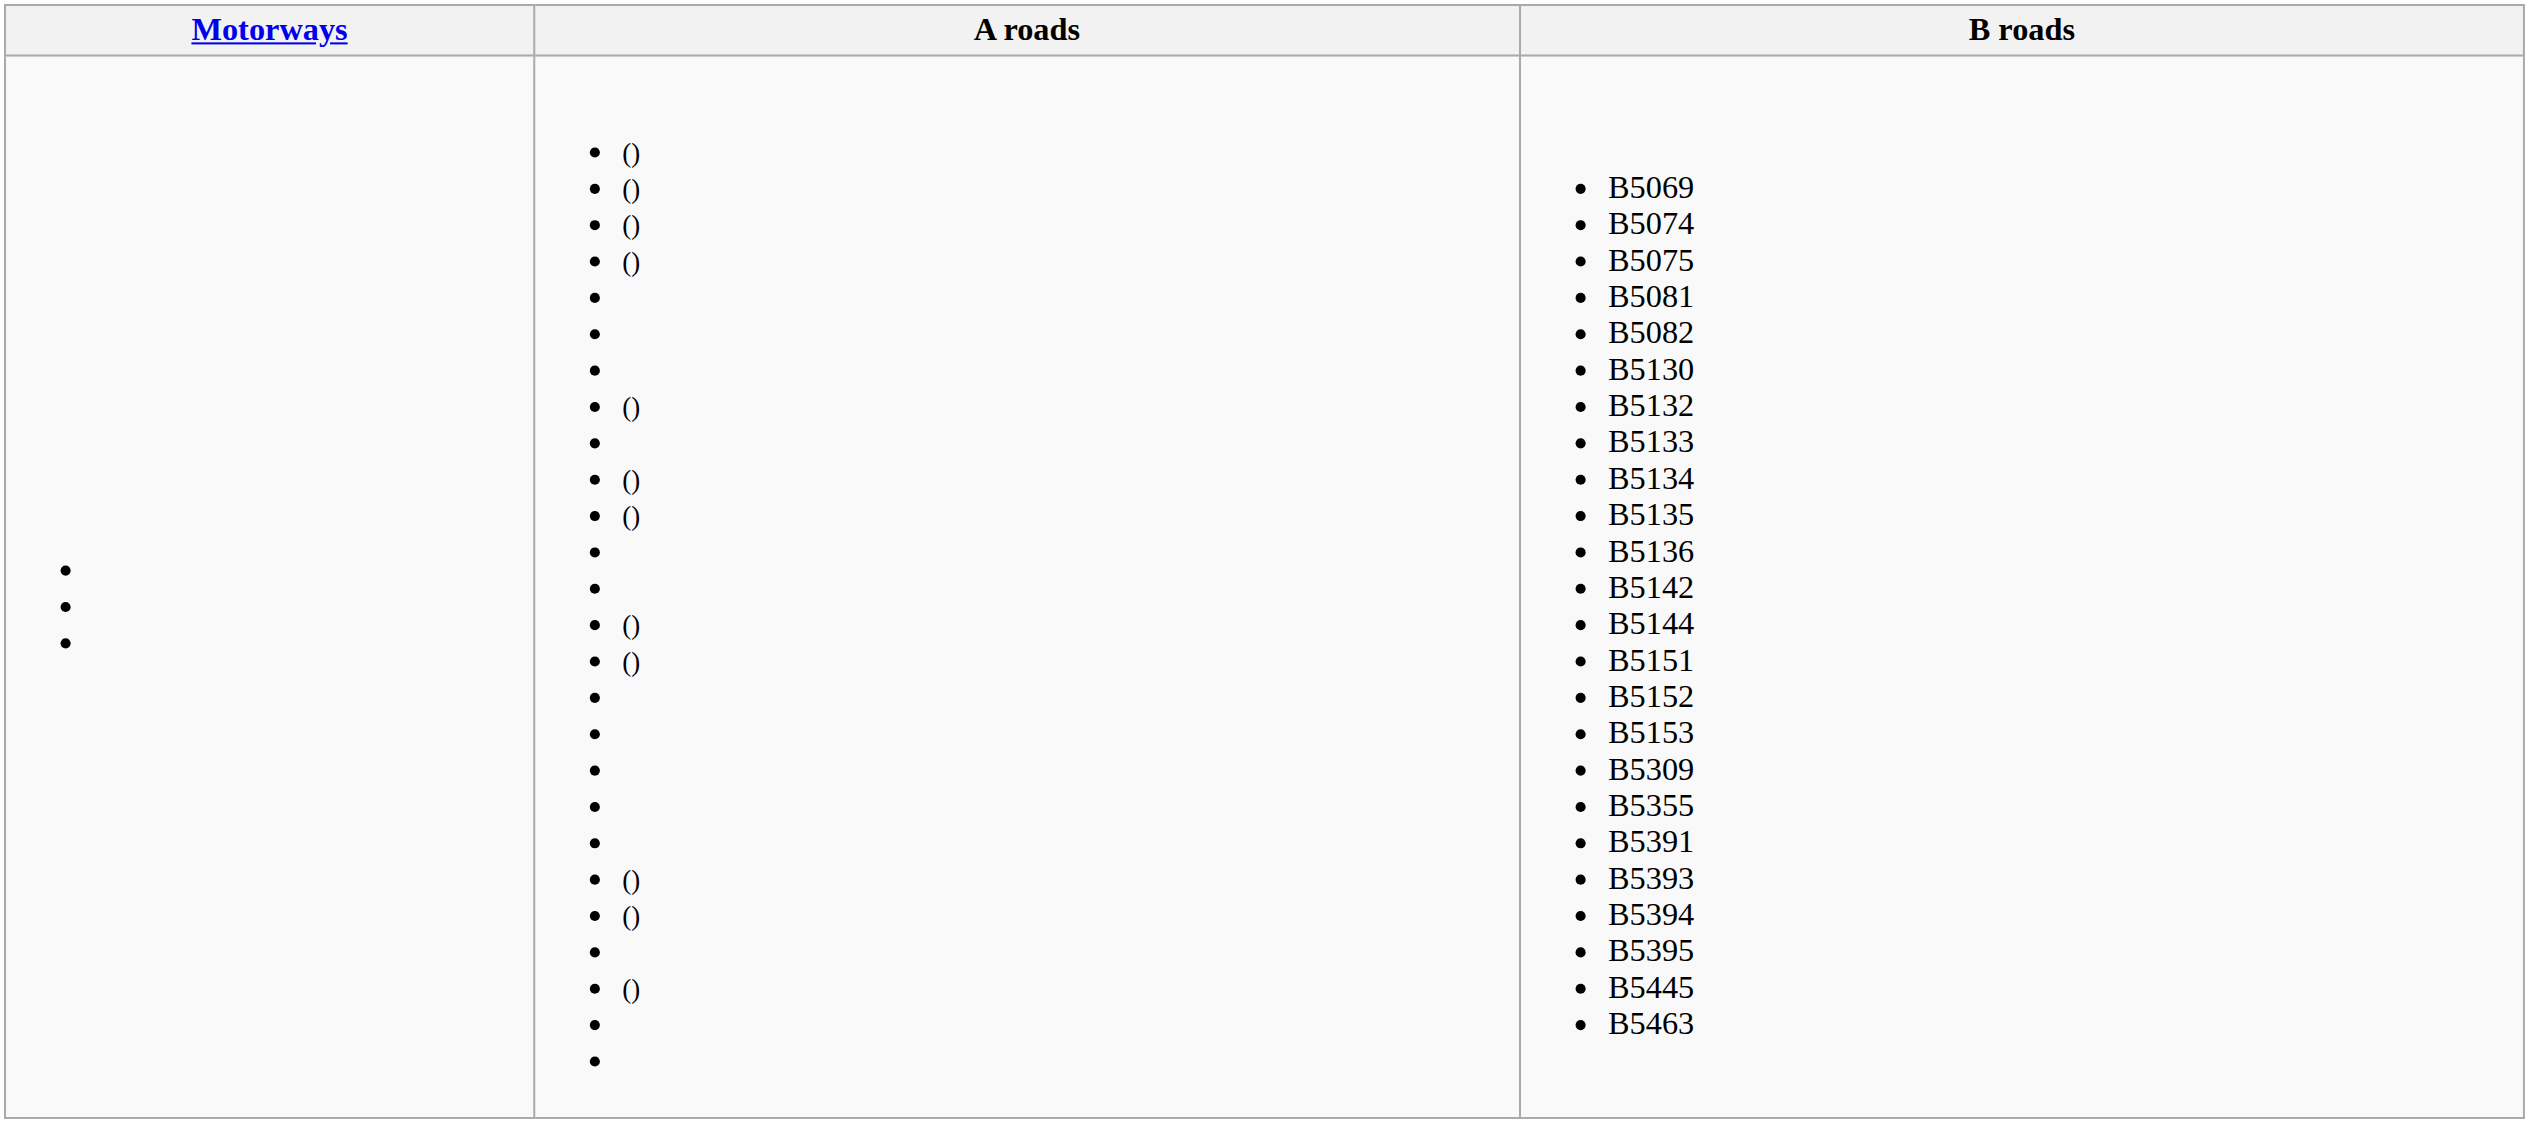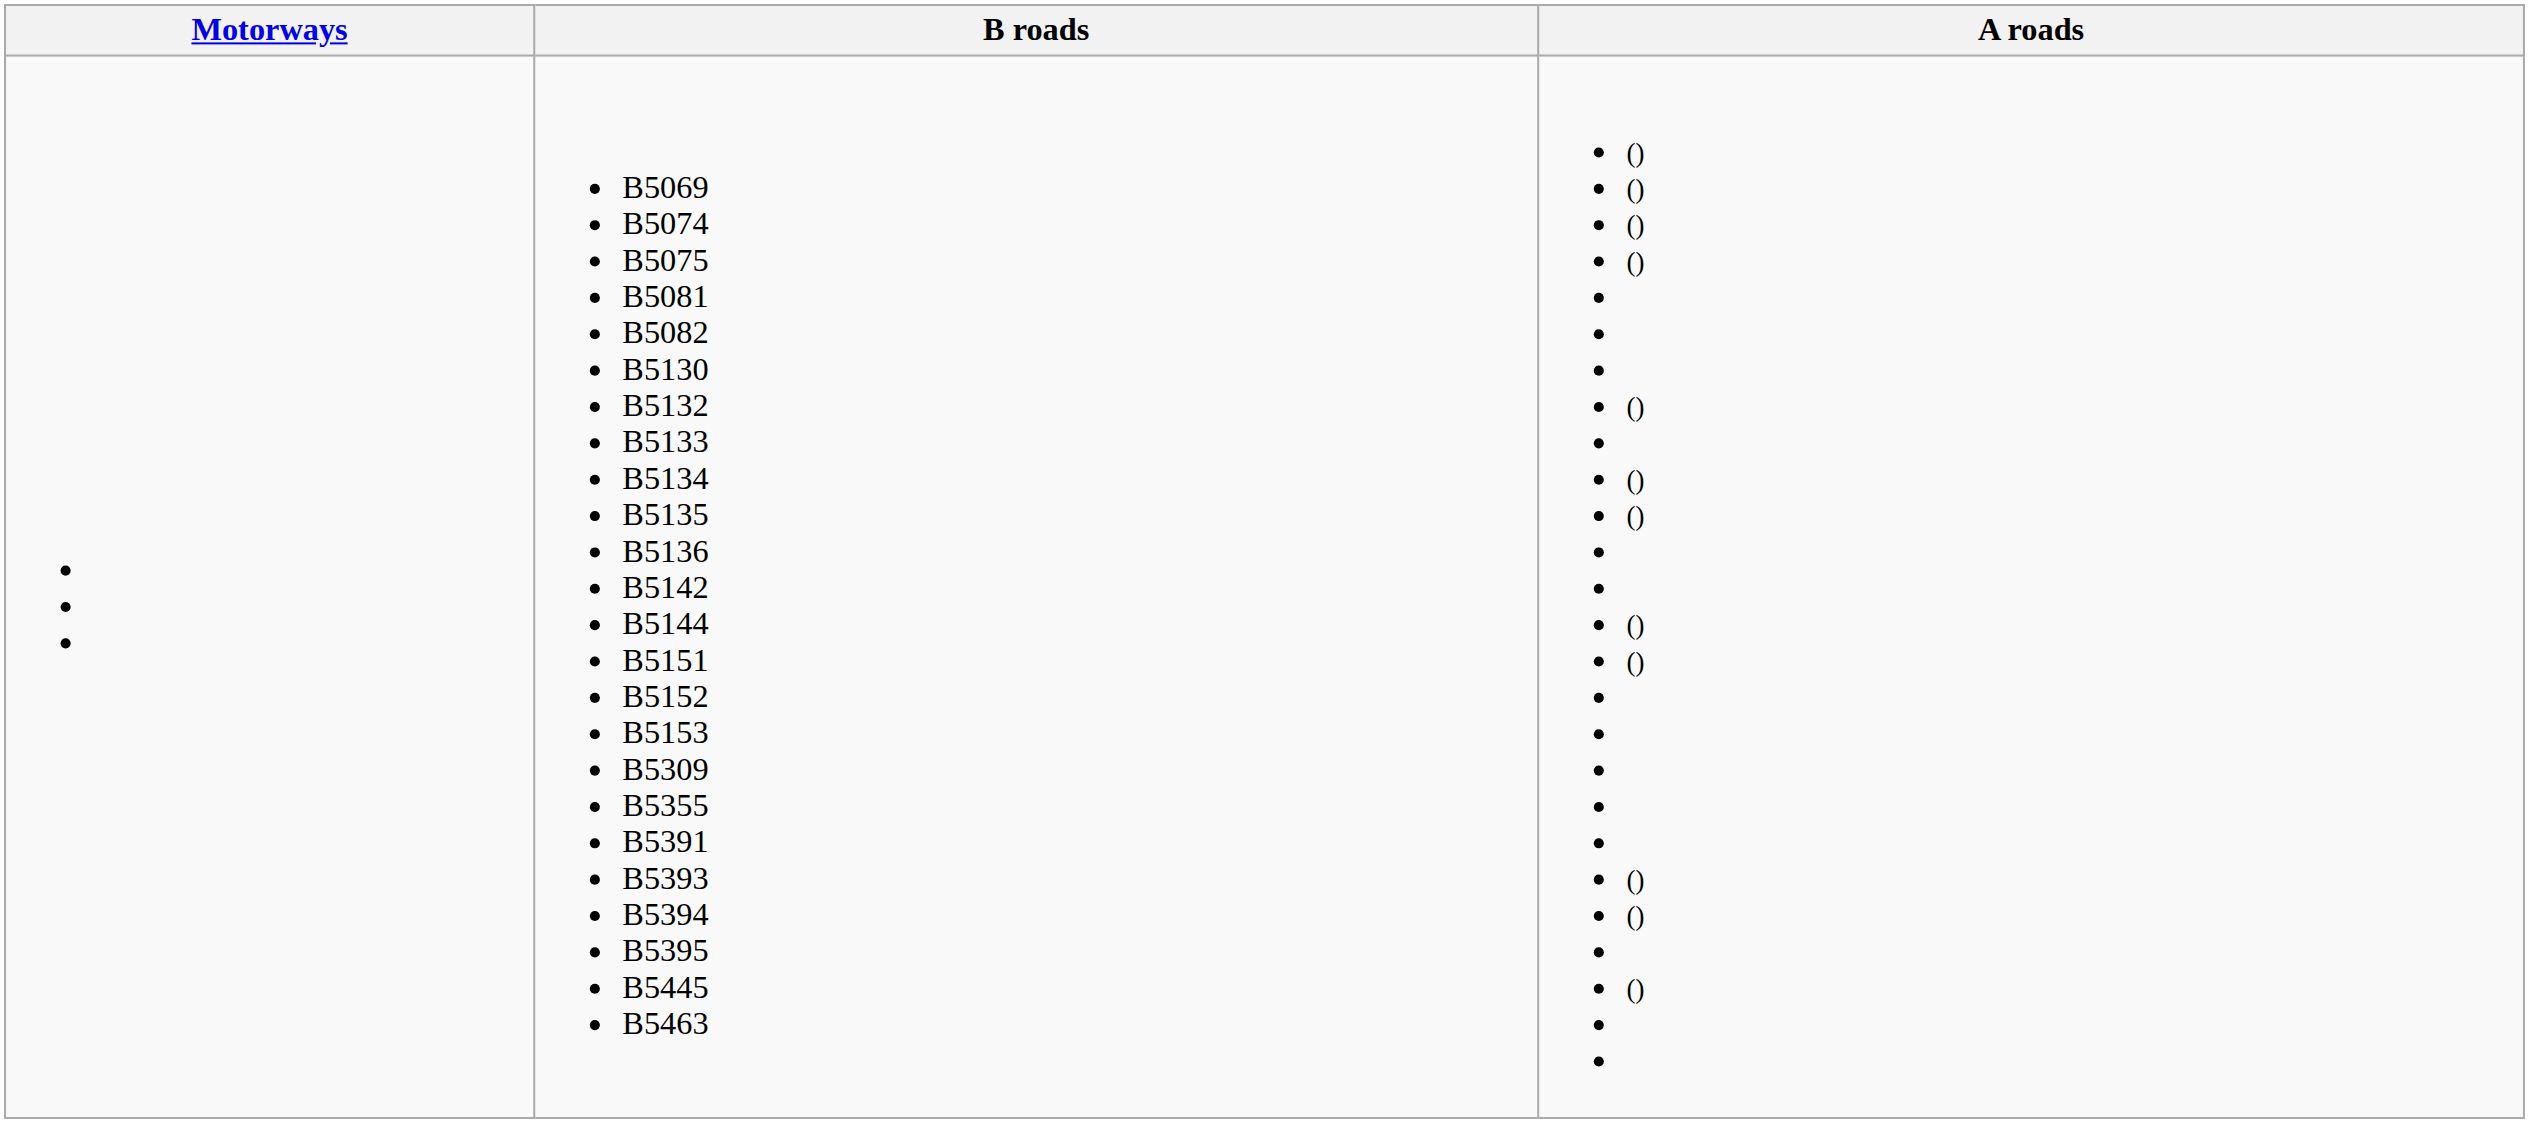 <table class="wikitable collapsible collapsed">
 <tr>
 <th style="width: 20em;"><a href='#'>Motorways</a></th>
+<th style="width: 40em;">B roads</th>
 <th style="width: 40em;">A roads</th>
-<th style="width: 40em;">B roads</th>
 </tr>
 <tr>
 <td><br><ul><li> <small></small></li><li> <small></small></li><li> <small></small></li></ul></td>
+<td><br><ul><li>B5069</li><li>B5074</li><li>B5075</li><li>B5081</li><li>B5082</li><li>B5130</li><li>B5132</li><li>B5133</li><li>B5134</li><li>B5135</li><li>B5136</li><li>B5142</li><li>B5144</li><li>B5151</li><li>B5152</li><li>B5153</li><li>B5309</li><li>B5355</li><li>B5391</li><li>B5393</li><li>B5394</li><li>B5395</li><li>B5445</li><li>B5463</li></ul></td>
 <td><br><ul><li> <small>()</small></li><li> <small>()</small></li><li> <small>()</small></li><li> <small>()</small></li><li> <small></small></li><li></li><li> <small></small></li><li> <small>()</small></li><li></li><li> <small>()</small></li><li> <small>()</small></li><li></li><li></li><li> <small>()</small></li><li> <small>()</small></li><li></li><li></li><li></li><li></li><li></li><li> <small>()</small></li><li> <small>()</small></li><li></li><li> <small>()</small></li><li></li><li></li></ul></td>
-<td><br><ul><li>B5069</li><li>B5074</li><li>B5075</li><li>B5081</li><li>B5082</li><li>B5130</li><li>B5132</li><li>B5133</li><li>B5134</li><li>B5135</li><li>B5136</li><li>B5142</li><li>B5144</li><li>B5151</li><li>B5152</li><li>B5153</li><li>B5309</li><li>B5355</li><li>B5391</li><li>B5393</li><li>B5394</li><li>B5395</li><li>B5445</li><li>B5463</li></ul></td>
 </tr>
 </table>
